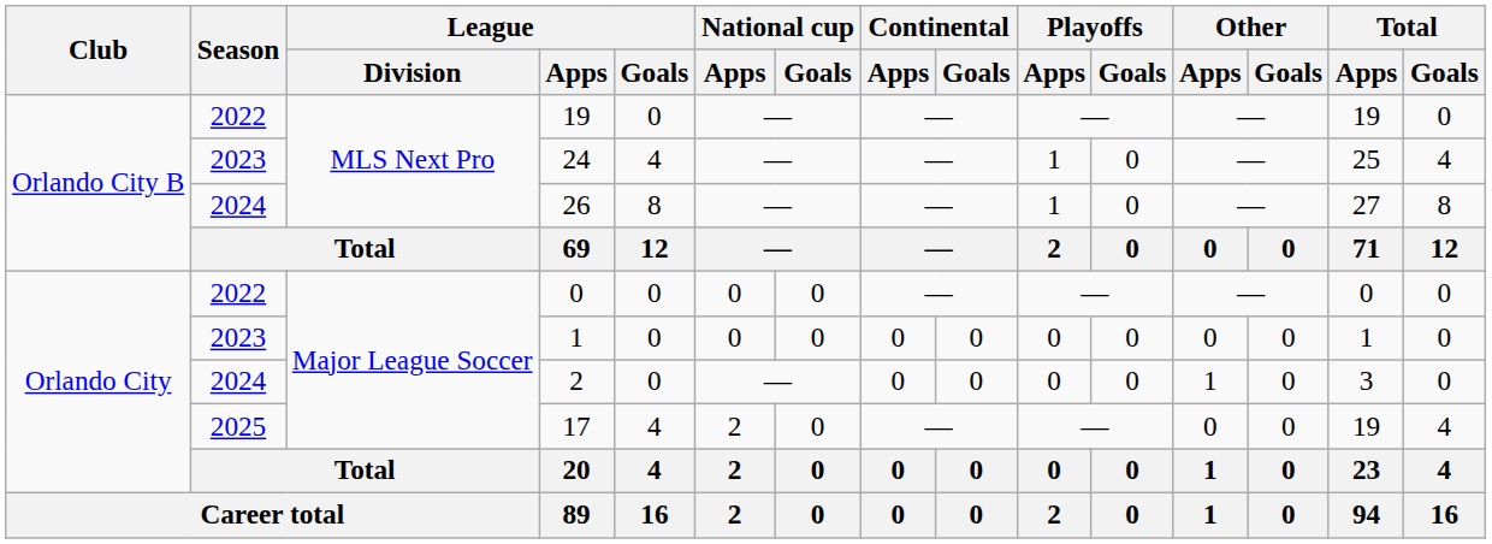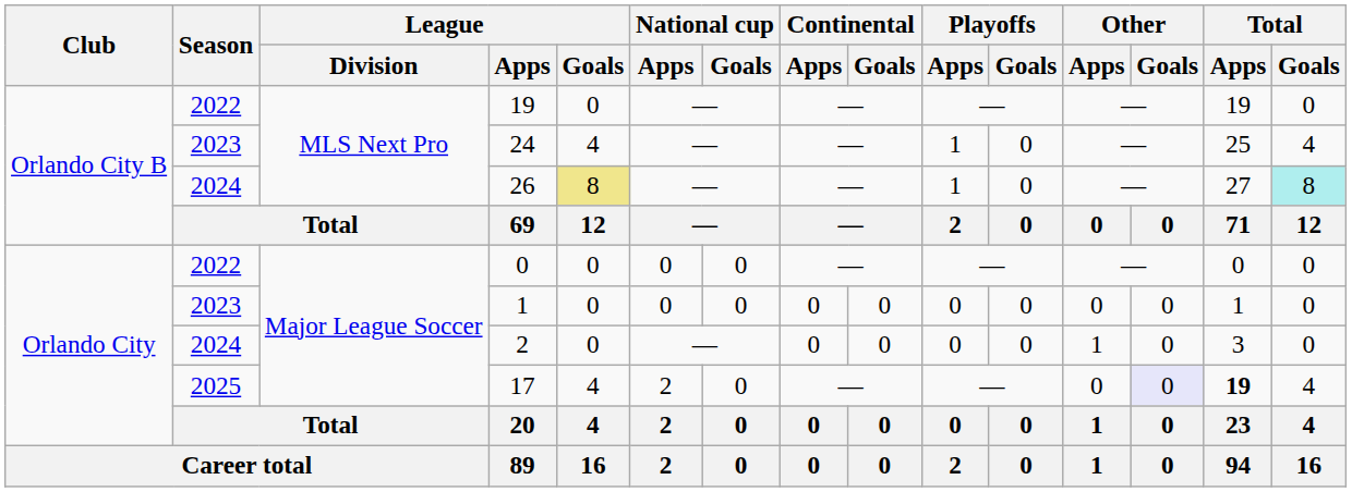 <table class="wikitable" style="text-align:center;">
 <tr>
 <th rowspan="2">Club</th>
 <th rowspan="2">Season</th>
 <th colspan="3">League</th>
 <th colspan="2">National cup</th>
 <th colspan="2">Continental</th>
 <th colspan="2">Playoffs</th>
 <th colspan="2">Other</th>
 <th colspan="2">Total</th>
 </tr>
 <tr>
 <th>Division</th>
 <th>Apps</th>
 <th>Goals</th>
 <th>Apps</th>
 <th>Goals</th>
 <th>Apps</th>
 <th>Goals</th>
 <th>Apps</th>
 <th>Goals</th>
 <th>Apps</th>
 <th>Goals</th>
 <th>Apps</th>
 <th>Goals</th>
 </tr>
 <tr>
 <td rowspan="4"><a href='#'>Orlando City B</a></td>
 <td><a href='#'>2022</a></td>
 <td rowspan="3"><a href='#'>MLS Next Pro</a></td>
 <td>19</td>
 <td>0</td>
 <td colspan="2">—</td>
 <td colspan="2">—</td>
 <td colspan="2">—</td>
 <td colspan="2">—</td>
 <td>19</td>
 <td>0</td>
 </tr>
 <tr>
 <td><a href='#'>2023</a></td>
 <td>24</td>
 <td>4</td>
 <td colspan="2">—</td>
 <td colspan="2">—</td>
 <td>1</td>
 <td>0</td>
 <td colspan="2">—</td>
 <td>25</td>
 <td>4</td>
 </tr>
 <tr>
 <td><a href='#'>2024</a></td>
 <td>26</td>
-<td>8</td>
+<td style="background: khaki;">8</td>
 <td colspan="2">—</td>
 <td colspan="2">—</td>
 <td>1</td>
 <td>0</td>
 <td colspan="2">—</td>
 <td>27</td>
-<td>8</td>
+<td style="background: paleturquoise;">8</td>
 </tr>
 <tr>
 <th colspan="2">Total</th>
 <th>69</th>
 <th>12</th>
 <th colspan="2">—</th>
 <th colspan="2">—</th>
 <th>2</th>
 <th>0</th>
 <th>0</th>
 <th>0</th>
 <th>71</th>
 <th>12</th>
 </tr>
 <tr>
 <td rowspan="5"><a href='#'>Orlando City</a></td>
 <td><a href='#'>2022</a></td>
 <td rowspan="4"><a href='#'>Major League Soccer</a></td>
 <td>0</td>
 <td>0</td>
 <td>0</td>
 <td>0</td>
 <td colspan="2">—</td>
 <td colspan="2">—</td>
 <td colspan="2">—</td>
 <td>0</td>
 <td>0</td>
 </tr>
 <tr>
 <td><a href='#'>2023</a></td>
 <td>1</td>
 <td>0</td>
 <td>0</td>
 <td>0</td>
 <td>0</td>
 <td>0</td>
 <td>0</td>
 <td>0</td>
 <td>0</td>
 <td>0</td>
 <td>1</td>
 <td>0</td>
 </tr>
 <tr>
 <td><a href='#'>2024</a></td>
 <td>2</td>
 <td>0</td>
 <td colspan="2">—</td>
 <td>0</td>
 <td>0</td>
 <td>0</td>
 <td>0</td>
 <td>1</td>
 <td>0</td>
 <td>3</td>
 <td>0</td>
 </tr>
 <tr>
 <td><a href='#'>2025</a></td>
 <td>17</td>
 <td>4</td>
 <td>2</td>
 <td>0</td>
 <td colspan="2">—</td>
 <td colspan="2">—</td>
 <td>0</td>
-<td>0</td>
-<td>19</td>
+<td style="background: lavender;">0</td>
+<td><strong>19</strong></td>
 <td>4</td>
 </tr>
 <tr>
 <th colspan="2">Total</th>
 <th>20</th>
 <th>4</th>
 <th>2</th>
 <th>0</th>
 <th>0</th>
 <th>0</th>
 <th>0</th>
 <th>0</th>
 <th>1</th>
 <th>0</th>
 <th>23</th>
 <th>4</th>
 </tr>
 <tr>
 <th colspan="3">Career total</th>
 <th>89</th>
 <th>16</th>
 <th>2</th>
 <th>0</th>
 <th>0</th>
 <th>0</th>
 <th>2</th>
 <th>0</th>
 <th>1</th>
 <th>0</th>
 <th>94</th>
 <th>16</th>
 </tr>
 </table>
